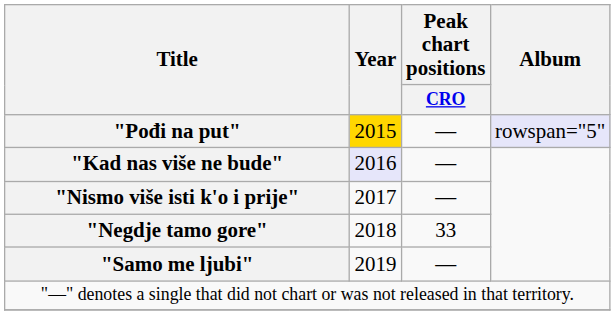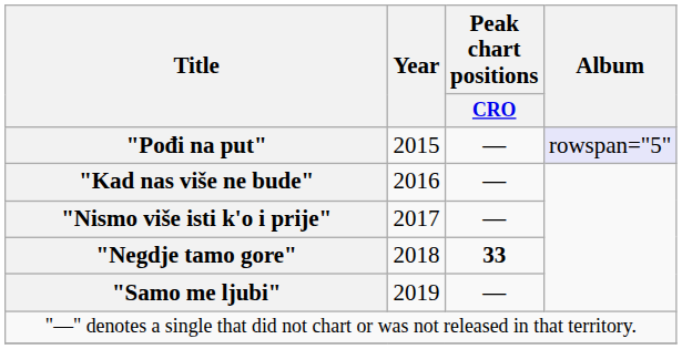 <table class="wikitable plainrowheaders" style="text-align:center;">
 <tr>
 <th scope="col" rowspan="2" style="width:16em;">Title</th>
 <th scope="col" rowspan="2" style="width:1em;">Year</th>
 <th scope="col" colspan="1">Peak chart positions</th>
 <th scope="col" rowspan="2">Album</th>
 </tr>
 <tr>
 <th scope="col" style="width:3em;font-size:85%;"><a href='#'>CRO</a><br></th>
 </tr>
 <tr>
 <th scope="row">"Pođi na put"<br></th>
-<td style="background: gold;">2015</td>
+<td>2015</td>
 <td>—</td>
 <td style="background: lavender;">rowspan="5" </td>
 </tr>
 <tr>
 <th scope="row">"Kad nas više ne bude"</th>
-<td style="background: lavender;">2016</td>
+<td>2016</td>
 <td>—</td>
 </tr>
 <tr>
 <th scope="row">"Nismo više isti k'o i prije"</th>
 <td>2017</td>
 <td>—</td>
 </tr>
 <tr>
 <th scope="row">"Negdje tamo gore"</th>
 <td>2018</td>
-<td>33</td>
+<td><strong>33</strong></td>
 </tr>
 <tr>
 <th scope="row">"Samo me ljubi"</th>
 <td>2019</td>
 <td>—</td>
 </tr>
 <tr>
 <td colspan="20" style="text-align:center; font-size:85%;">"—" denotes a single that did not chart or was not released in that territory.</td>
 </tr>
 <tr>
 </tr>
 </table>
